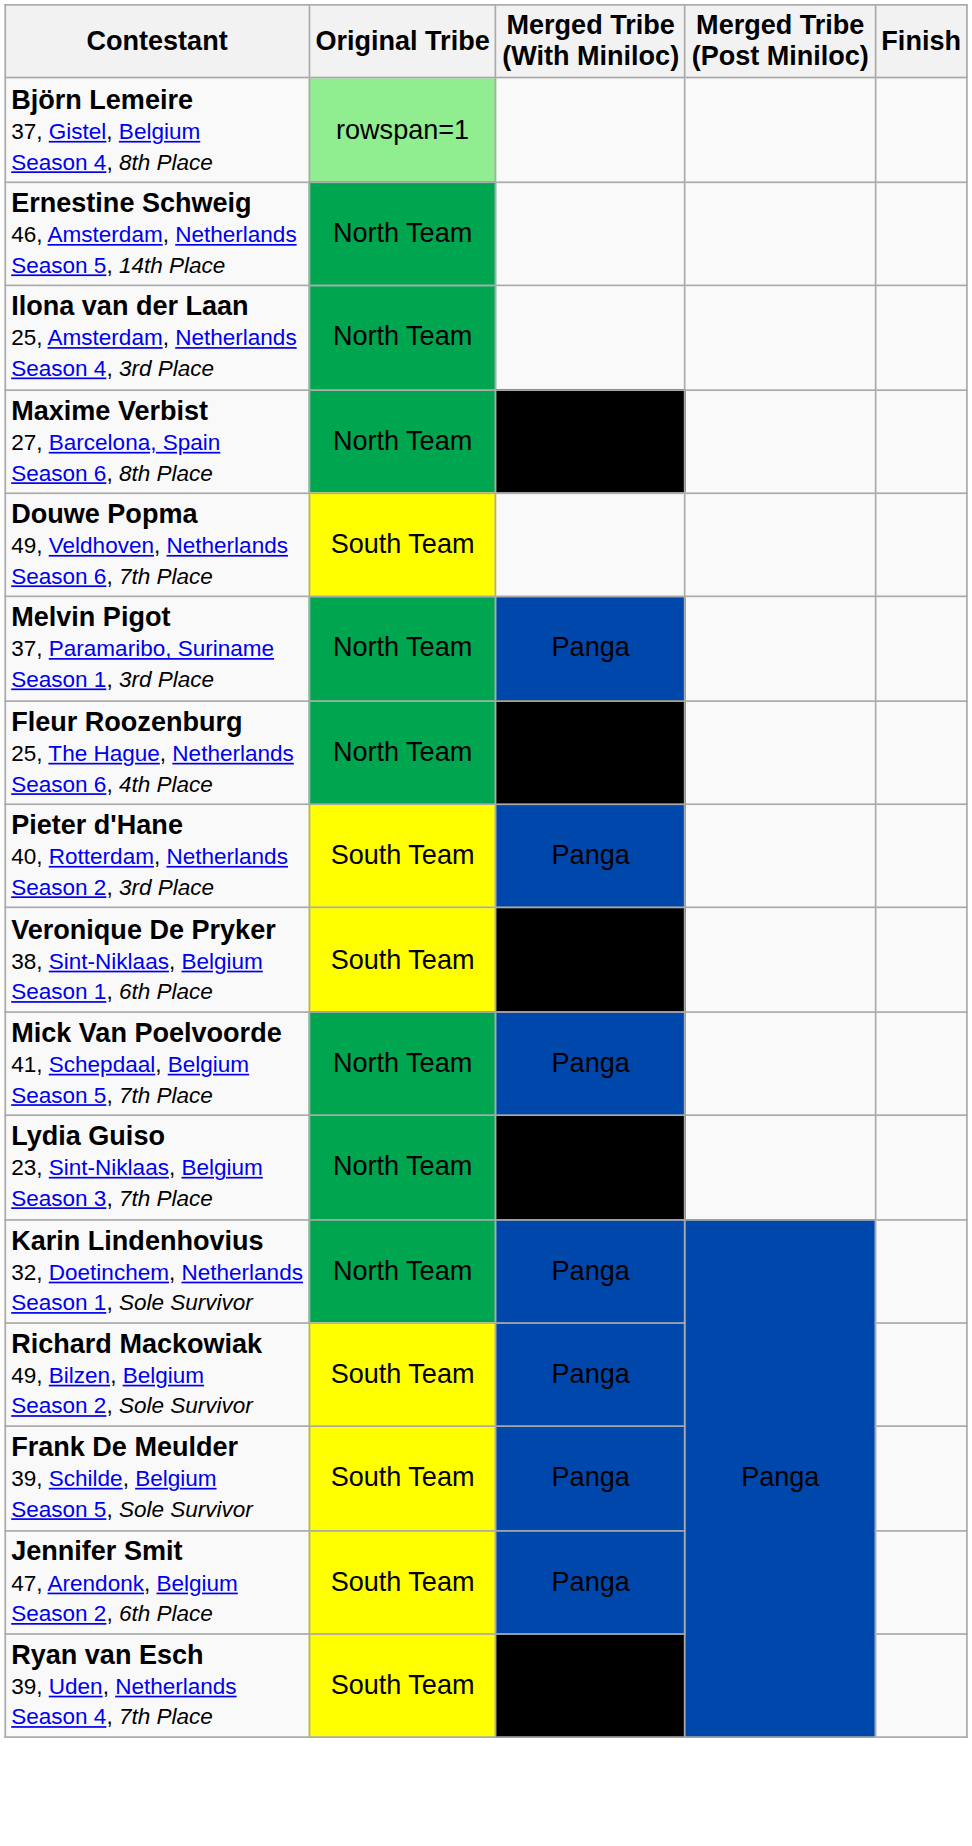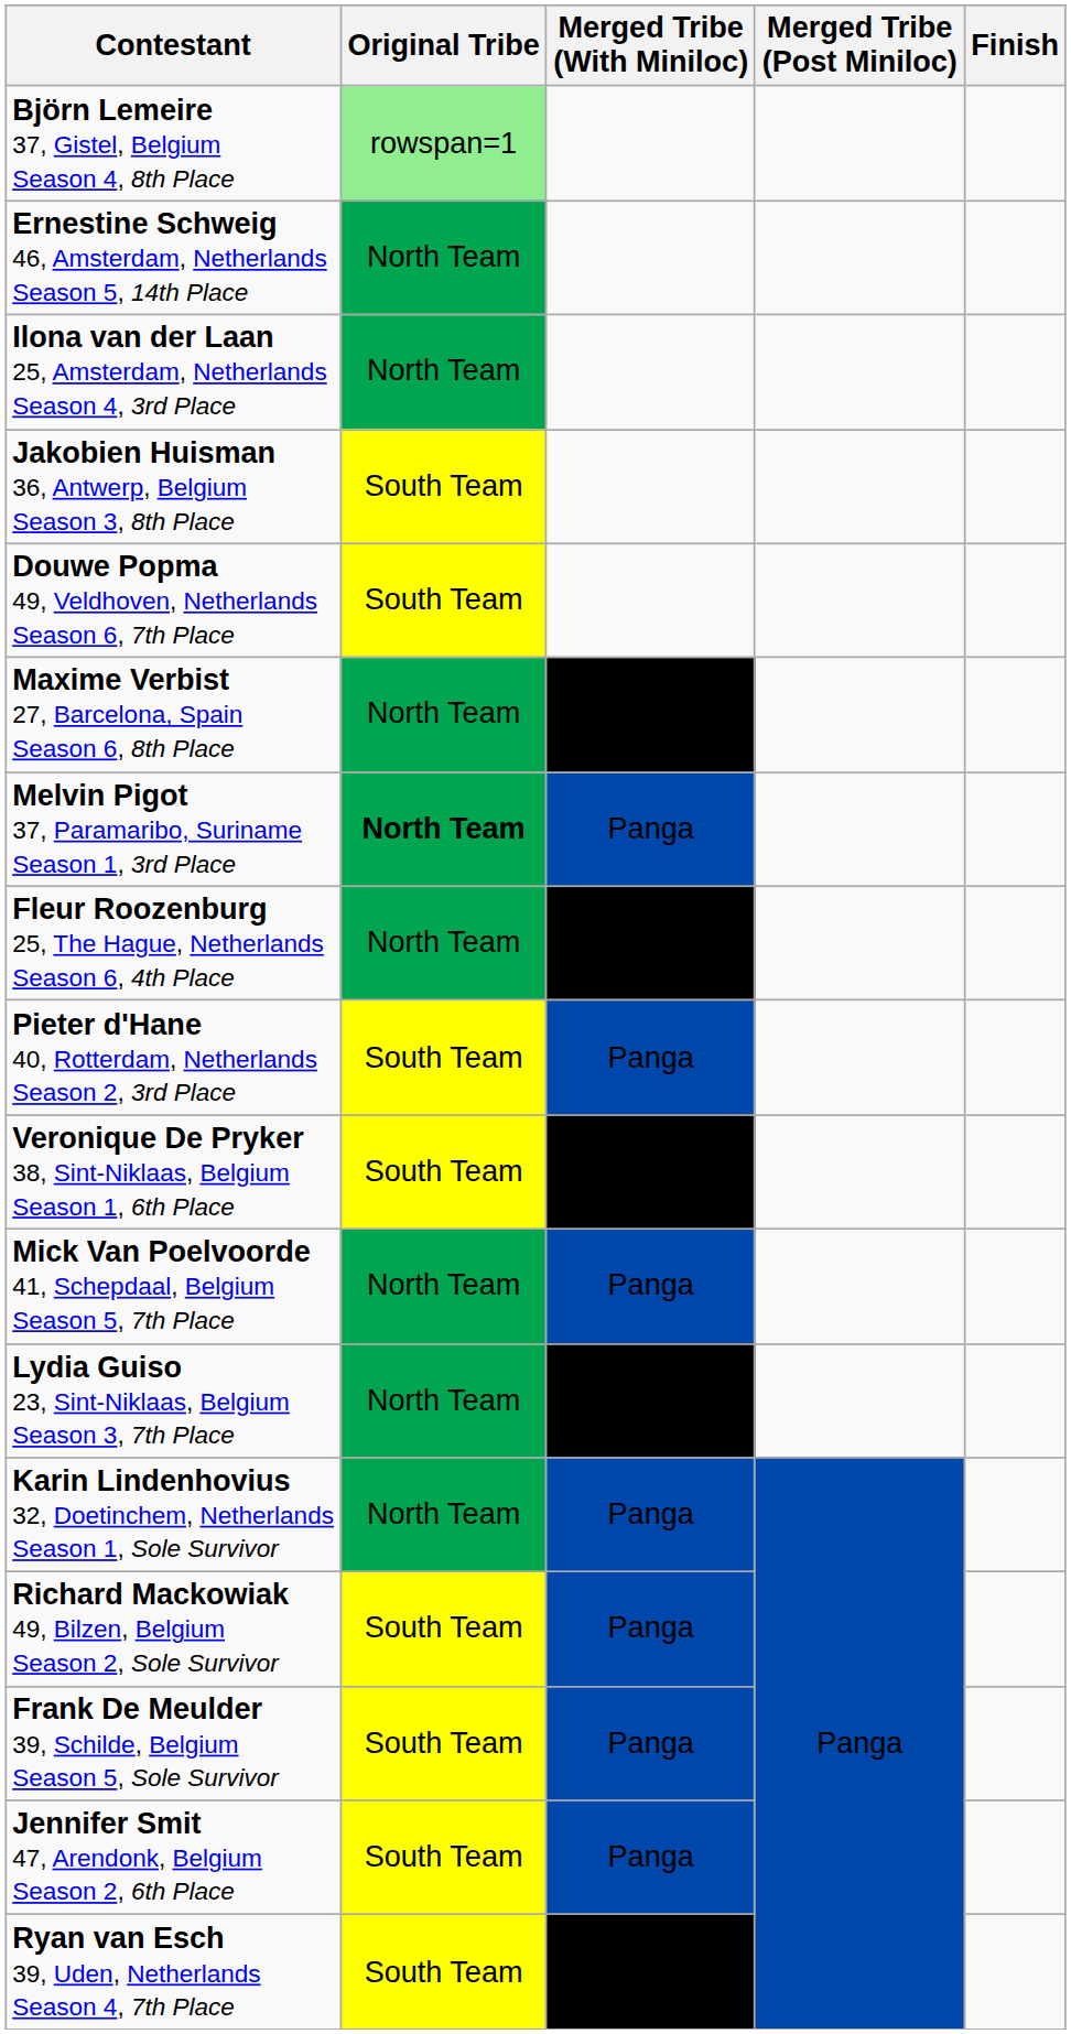 <table class="wikitable" style="margin:auto; text-align:center">
 <tr>
 <th>Contestant</th>
 <th>Original Tribe</th>
 <th>Merged Tribe<br>(With Miniloc)</th>
 <th>Merged Tribe<br>(Post Miniloc)</th>
 <th>Finish</th>
 </tr>
 <tr>
 <td align="left"><strong>Björn Lemeire</strong><br><small>37, <a href='#'>Gistel</a>, <a href='#'>Belgium</a><br><a href='#'>Season 4</a>, <em>8th Place</em></small></td>
 <td style="background: lightgreen;">rowspan=1 </td>
 <td></td>
 <td></td>
 <td></td>
 </tr>
 <tr>
 <td align="left"><strong>Ernestine Schweig</strong><br><small>46, <a href='#'>Amsterdam</a>, <a href='#'>Netherlands</a><br><a href='#'>Season 5</a>, <em>14th Place</em></small></td>
 <td bgcolor="#00A550">North Team</td>
 <td></td>
 <td></td>
 <td></td>
 </tr>
 <tr>
 <td align="left"><strong>Ilona van der Laan</strong><br><small>25, <a href='#'>Amsterdam</a>, <a href='#'>Netherlands</a><br><a href='#'>Season 4</a>, <em>3rd Place</em></small></td>
 <td bgcolor="#00A550">North Team</td>
 <td></td>
 <td></td>
 <td></td>
 </tr>
 <tr>
-<td align="left"><strong>Maxime Verbist</strong><br><small>27, <a href='#'>Barcelona, Spain</a><br><a href='#'>Season 6</a>, <em>8th Place</em></small></td>
-<td bgcolor="#00A550">North Team</td>
-<td bgcolor="black"><span>Miniloc</span></td>
+<td align="left"><strong>Jakobien Huisman</strong><br><small>36, <a href='#'>Antwerp</a>, <a href='#'>Belgium</a><br><a href='#'>Season 3</a>, <em>8th Place</em></small></td>
+<td bgcolor="yellow" align=center>South Team</td>
+<td></td>
 <td></td>
 <td></td>
 </tr>
 <tr>
 <td align="left"><strong>Douwe Popma</strong><br><small>49, <a href='#'>Veldhoven</a>, <a href='#'>Netherlands</a><br><a href='#'>Season 6</a>, <em>7th Place</em></small></td>
 <td bgcolor="yellow" align=center>South Team</td>
 <td></td>
 <td></td>
 <td></td>
 </tr>
 <tr>
+<td align="left"><strong>Maxime Verbist</strong><br><small>27, <a href='#'>Barcelona, Spain</a><br><a href='#'>Season 6</a>, <em>8th Place</em></small></td>
+<td bgcolor="#00A550">North Team</td>
+<td bgcolor="black"><span>Miniloc</span></td>
+<td></td>
+<td></td>
+</tr>
+<tr>
 <td align="left"><strong>Melvin Pigot</strong><br><small>37, <a href='#'>Paramaribo, Suriname</a><br><a href='#'>Season 1</a>, <em>3rd Place</em></small></td>
-<td bgcolor="#00A550">North Team</td>
+<td bgcolor="#00A550"><strong>North Team</strong></td>
 <td bgcolor="#0047AB"><span>Panga</span></td>
 <td></td>
 <td></td>
 </tr>
 <tr>
 <td align="left"><strong>Fleur Roozenburg</strong><br><small>25, <a href='#'>The Hague</a>, <a href='#'>Netherlands</a><br><a href='#'>Season 6</a>, <em>4th Place</em></small></td>
 <td bgcolor="#00A550">North Team</td>
 <td bgcolor="black"><span>Miniloc</span></td>
 <td></td>
 <td></td>
 </tr>
 <tr>
 <td align="left"><strong>Pieter d'Hane</strong><br><small>40, <a href='#'>Rotterdam</a>, <a href='#'>Netherlands</a><br><a href='#'>Season 2</a>, <em>3rd Place</em></small></td>
 <td bgcolor="yellow">South Team</td>
 <td bgcolor="#0047AB"><span>Panga</span></td>
 <td></td>
 <td></td>
 </tr>
 <tr>
 <td align="left"><strong>Veronique De Pryker</strong><br><small>38, <a href='#'>Sint-Niklaas</a>, <a href='#'>Belgium</a><br><a href='#'>Season 1</a>, <em>6th Place</em></small></td>
 <td bgcolor="yellow">South Team</td>
 <td bgcolor="black"><span>Miniloc</span></td>
 <td></td>
 <td></td>
 </tr>
 <tr>
 <td align="left"><strong>Mick Van Poelvoorde</strong><br><small>41, <a href='#'>Schepdaal</a>, <a href='#'>Belgium</a><br><a href='#'>Season 5</a>, <em>7th Place</em></small></td>
 <td bgcolor="#00A550">North Team</td>
 <td bgcolor="#0047AB"><span>Panga</span></td>
 <td></td>
 <td></td>
 </tr>
 <tr>
 <td align="left"><strong>Lydia Guiso</strong><br><small>23, <a href='#'>Sint-Niklaas</a>, <a href='#'>Belgium</a><br><a href='#'>Season 3</a>, <em>7th Place</em></small></td>
 <td bgcolor="#00A550">North Team</td>
 <td bgcolor="black"><span>Miniloc</span></td>
 <td></td>
 <td></td>
 </tr>
 <tr>
 <td align="left"><strong>Karin Lindenhovius</strong><br><small>32, <a href='#'>Doetinchem</a>, <a href='#'>Netherlands</a><br><a href='#'>Season 1</a>, <em>Sole Survivor</em></small></td>
 <td bgcolor="#00A550">North Team</td>
 <td bgcolor="#0047AB"><span>Panga</span></td>
 <td rowspan=5 bgcolor="#0047AB"><span>Panga</span></td>
 <td></td>
 </tr>
 <tr>
 <td align="left"><strong>Richard Mackowiak</strong><br><small>49, <a href='#'>Bilzen</a>, <a href='#'>Belgium</a><br><a href='#'>Season 2</a>, <em>Sole Survivor</em></small></td>
 <td bgcolor="yellow">South Team</td>
 <td bgcolor="#0047AB"><span>Panga</span></td>
 <td></td>
 </tr>
 <tr>
 <td align="left"><strong>Frank De Meulder</strong><br><small>39, <a href='#'>Schilde</a>, <a href='#'>Belgium</a><br><a href='#'>Season 5</a>, <em>Sole Survivor</em></small></td>
 <td bgcolor="yellow">South Team</td>
 <td bgcolor="#0047AB"><span>Panga</span></td>
 <td></td>
 </tr>
 <tr>
 <td align="left"><strong>Jennifer Smit</strong><br><small>47, <a href='#'>Arendonk</a>, <a href='#'>Belgium</a><br><a href='#'>Season 2</a>, <em>6th Place</em></small></td>
 <td bgcolor="yellow">South Team</td>
 <td bgcolor="#0047AB"><span>Panga</span></td>
 <td></td>
 </tr>
 <tr>
 <td align="left"><strong>Ryan van Esch</strong><br><small>39, <a href='#'>Uden</a>, <a href='#'>Netherlands</a><br><a href='#'>Season 4</a>, <em>7th Place</em></small></td>
 <td bgcolor="yellow">South Team</td>
 <td bgcolor="black"><span>Miniloc</span></td>
 <td></td>
 </tr>
 </table>
